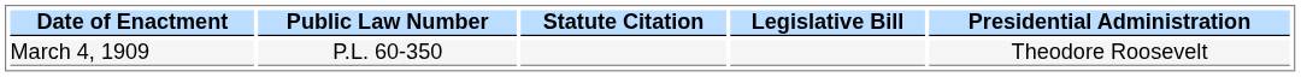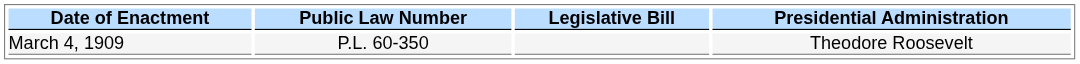 <table style="border:1px solid gray; align:left; width:75%" cellspacing=3 cellpadding=0>
 <tr style="font-weight:bold; text-align:center; background:#bbddff; color:black;">
 <th style=" border-bottom:1.5px solid black">Date of Enactment</th>
 <th style=" border-bottom:1.5px solid black">Public Law Number</th>
-<th style=" border-bottom:1.5px solid black">Statute Citation</th>
 <th style=" border-bottom:1.5px solid black">Legislative Bill</th>
 <th style=" border-bottom:1.5px solid black">Presidential Administration</th>
 </tr>
 <tr>
 <td style="border-bottom:1px solid gray; background:#F5F5F5;">March 4, 1909</td>
 <td style="border-bottom:1px solid gray; background:#F5F5F5; text-align:center;">P.L. 60-350</td>
 <td style="border-bottom:1px solid gray; background:#F5F5F5; text-align:center;"></td>
-<td style="border-bottom:1px solid gray; background:#F5F5F5; text-align:center;"></td>
 <td style="border-bottom:1px solid gray; background:#F5F5F5; text-align:center;">Theodore Roosevelt</td>
 </tr>
 </table>
